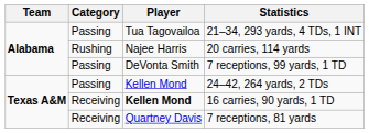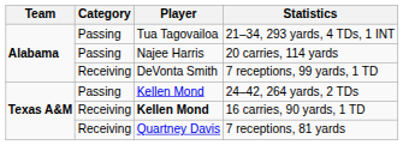 <table class="wikitable" style="float: right;">
 <tr>
 <th>Team</th>
 <th>Category</th>
 <th>Player</th>
 <th>Statistics</th>
 </tr>
 <tr>
 <td rowspan=3><strong>Alabama</strong></td>
 <td>Passing</td>
 <td>Tua Tagovailoa</td>
 <td>21–34, 293 yards, 4 TDs, 1 INT</td>
 </tr>
 <tr>
-<td>Rushing</td>
+<td>Passing</td>
 <td>Najee Harris</td>
 <td>20 carries, 114 yards</td>
 </tr>
 <tr>
-<td>Passing</td>
+<td>Receiving</td>
 <td>DeVonta Smith</td>
 <td>7 receptions, 99 yards, 1 TD</td>
 </tr>
 <tr>
 <td rowspan=3><strong>Texas A&M</strong></td>
 <td>Passing</td>
 <td><a href='#'>Kellen Mond</a></td>
 <td>24–42, 264 yards, 2 TDs</td>
 </tr>
 <tr>
 <td>Receiving</td>
 <td><strong>Kellen Mond</strong></td>
 <td>16 carries, 90 yards, 1 TD</td>
 </tr>
 <tr>
 <td>Receiving</td>
 <td><a href='#'>Quartney Davis</a></td>
 <td>7 receptions, 81 yards</td>
 </tr>
 </table>
